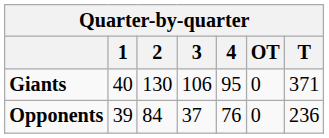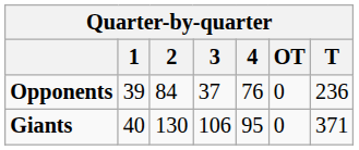 <table class="wikitable">
 <tr>
 <th colspan="7">Quarter-by-quarter</th>
 </tr>
 <tr>
 <th></th>
 <th>1</th>
 <th>2</th>
 <th>3</th>
 <th>4</th>
 <th>OT</th>
 <th>T</th>
 </tr>
 <tr>
+<td><strong>Opponents</strong></td>
+<td>39</td>
+<td>84</td>
+<td>37</td>
+<td>76</td>
+<td>0</td>
+<td>236</td>
+</tr>
+<tr>
 <td><strong>Giants</strong></td>
 <td>40</td>
 <td>130</td>
 <td>106</td>
 <td>95</td>
 <td>0</td>
 <td>371</td>
 </tr>
-<tr>
-<td><strong>Opponents</strong></td>
-<td>39</td>
-<td>84</td>
-<td>37</td>
-<td>76</td>
-<td>0</td>
-<td>236</td>
-</tr>
 </table>
